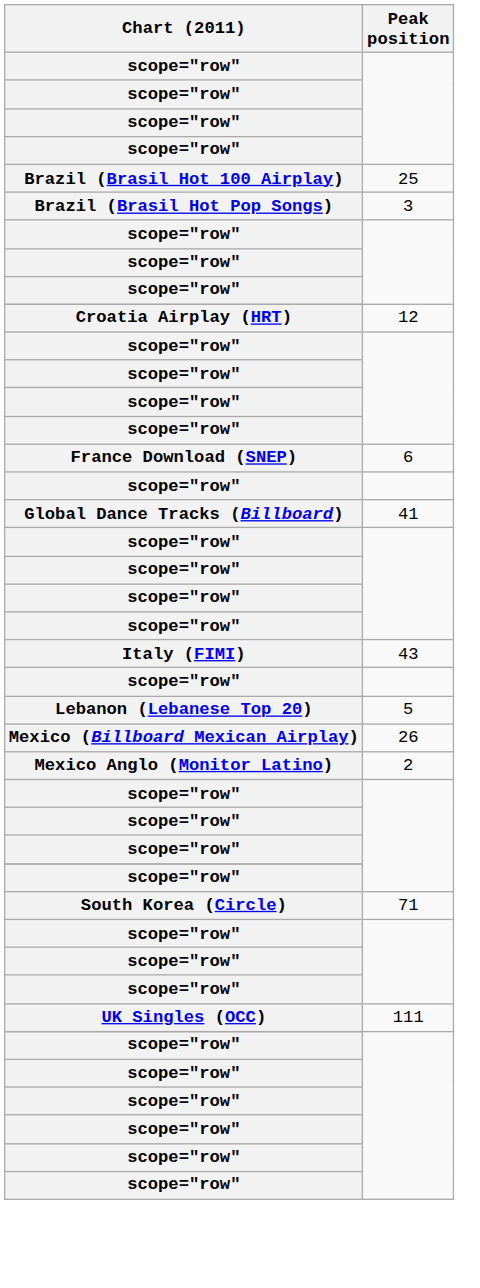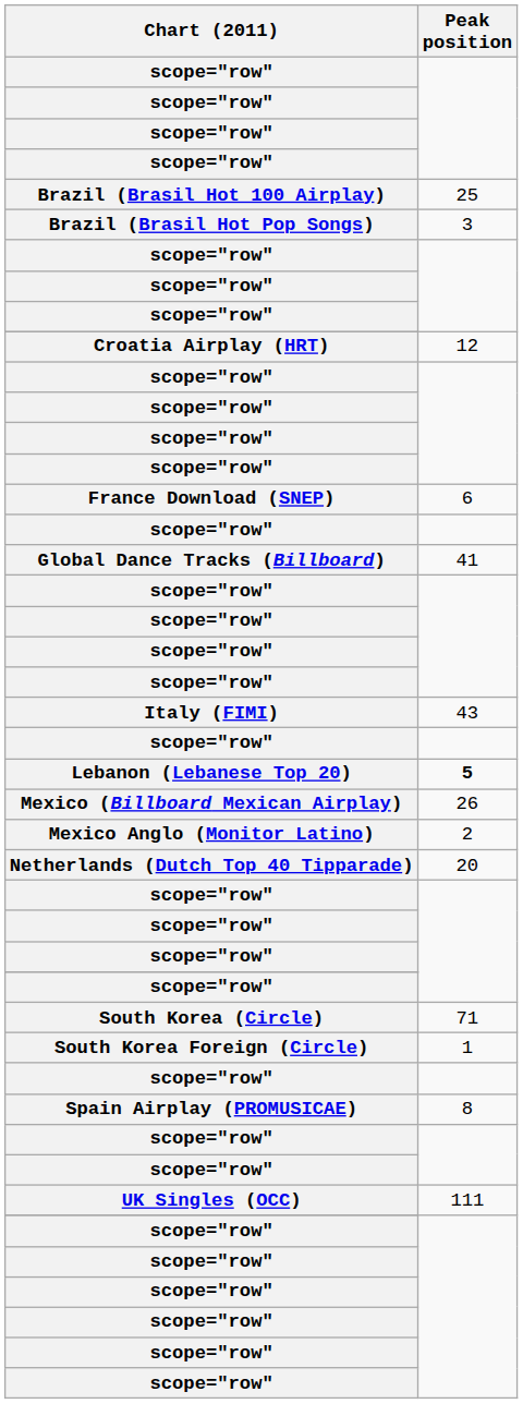 <table class="wikitable sortable plainrowheaders" style="text-align:center;">
 <tr>
 <th scope="col">Chart (2011)</th>
 <th scope="col">Peak<br>position</th>
 </tr>
 <tr>
 <th>scope="row"</th>
 </tr>
 <tr>
 <th>scope="row"</th>
 </tr>
 <tr>
 <th>scope="row"</th>
 </tr>
 <tr>
 <th>scope="row"</th>
 </tr>
 <tr>
 <th scope="row">Brazil (<a href='#'>Brasil Hot 100 Airplay</a>)</th>
 <td>25</td>
 </tr>
 <tr>
 <th scope="row">Brazil (<a href='#'>Brasil Hot Pop Songs</a>)</th>
 <td>3</td>
 </tr>
 <tr>
 <th>scope="row"</th>
 </tr>
 <tr>
 <th>scope="row"</th>
 </tr>
 <tr>
 <th>scope="row"</th>
 </tr>
 <tr>
 </tr>
 <tr>
 <th scope="row">Croatia Airplay (<a href='#'>HRT</a>)</th>
 <td style="text-align:center;">12</td>
 </tr>
 <tr>
 <th>scope="row"</th>
 </tr>
 <tr>
 <th>scope="row"</th>
 </tr>
 <tr>
 <th>scope="row"</th>
 </tr>
 <tr>
 <th>scope="row"</th>
 </tr>
 <tr>
 <th scope="row">France Download (<a href='#'>SNEP</a>)</th>
 <td style="text-align:center;">6</td>
 </tr>
 <tr>
 <th>scope="row"</th>
 </tr>
 <tr>
 <th scope="row">Global Dance Tracks (<em><a href='#'>Billboard</a></em>)</th>
 <td align="center">41</td>
 </tr>
 <tr>
 <th>scope="row"</th>
 </tr>
 <tr>
 <th>scope="row"</th>
 </tr>
 <tr>
 <th>scope="row"</th>
 </tr>
 <tr>
 <th>scope="row"</th>
 </tr>
 <tr>
 <th scope="row">Italy (<a href='#'>FIMI</a>)</th>
 <td style="text-align:center;">43</td>
 </tr>
 <tr>
 <th>scope="row"</th>
 </tr>
 <tr>
 <th scope="row">Lebanon (<a href='#'>Lebanese Top 20</a>)</th>
-<td>5</td>
+<td><strong>5</strong></td>
 </tr>
 <tr>
 <th scope="row">Mexico (<a href='#'><em>Billboard</em> Mexican Airplay</a>)</th>
 <td>26</td>
 </tr>
 <tr>
 <th scope="row">Mexico Anglo (<a href='#'>Monitor Latino</a>)</th>
 <td>2</td>
+</tr>
+<tr>
+<th scope="row">Netherlands (<a href='#'>Dutch Top 40 Tipparade</a>)</th>
+<td>20</td>
 </tr>
 <tr>
 <th>scope="row"</th>
 </tr>
 <tr>
 <th>scope="row"</th>
 </tr>
 <tr>
 <th>scope="row"</th>
 </tr>
 <tr>
 </tr>
 <tr>
 <th>scope="row"</th>
 </tr>
 <tr>
 <th scope="row">South Korea (<a href='#'>Circle</a>)</th>
 <td>71</td>
 </tr>
 <tr>
+<th scope="row">South Korea Foreign (<a href='#'>Circle</a>)</th>
+<td>1</td>
+</tr>
+<tr>
 <th>scope="row"</th>
+</tr>
+<tr>
+<th scope="row">Spain Airplay (<a href='#'>PROMUSICAE</a>)</th>
+<td>8</td>
 </tr>
 <tr>
 <th>scope="row"</th>
 </tr>
 <tr>
 <th>scope="row"</th>
 </tr>
 <tr>
 <th scope="row"><a href='#'>UK Singles</a> (<a href='#'>OCC</a>)</th>
 <td>111</td>
 </tr>
 <tr>
 </tr>
 <tr>
 <th>scope="row"</th>
 </tr>
 <tr>
 <th>scope="row"</th>
 </tr>
 <tr>
 <th>scope="row"</th>
 </tr>
 <tr>
 <th>scope="row"</th>
 </tr>
 <tr>
 <th>scope="row"</th>
 </tr>
 <tr>
 <th>scope="row"</th>
 </tr>
 </table>
